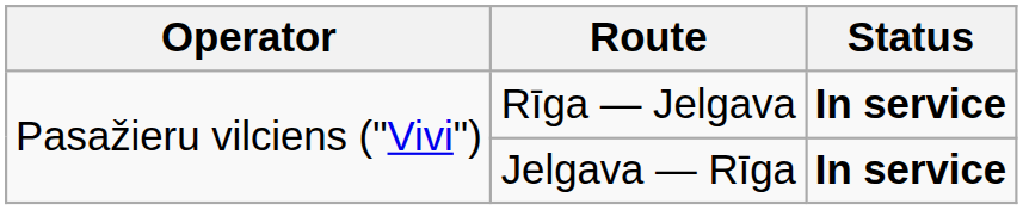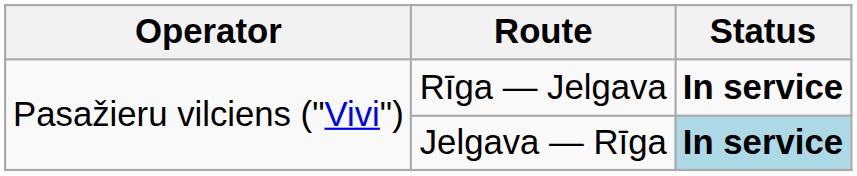 <table class="wikitable">
 <tr>
 <th>Operator</th>
 <th>Route</th>
 <th>Status</th>
 </tr>
 <tr>
 <td rowspan="2"> Pasažieru vilciens ("<a href='#'>Vivi</a>")</td>
 <td>Rīga — Jelgava</td>
 <td><span><strong>In service</strong></span></td>
 </tr>
 <tr>
 <td>Jelgava — Rīga</td>
-<td><span><strong>In service</strong></span></td>
+<td style="background: lightblue;"><span><strong>In service</strong></span></td>
 </tr>
 </table>
